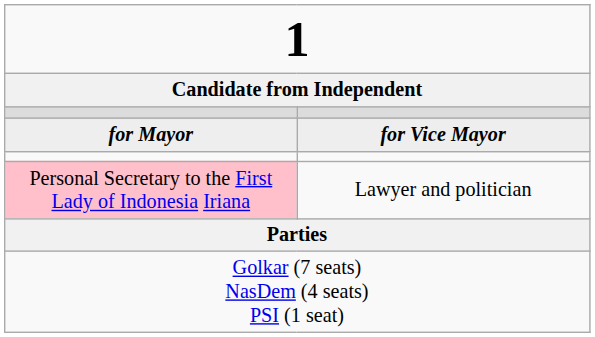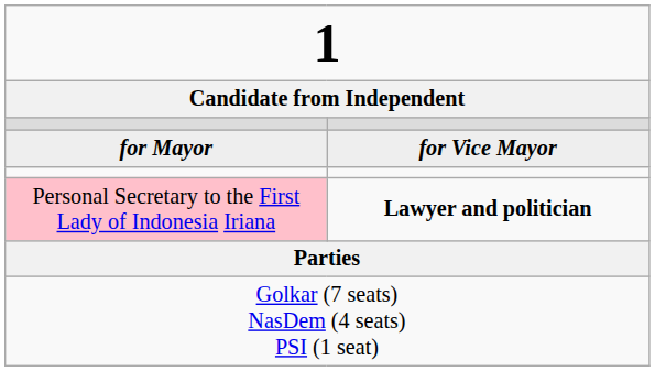 <table class="wikitable" style="font-size:90%; text-align:center;">
 <tr>
 <td colspan=2><big><big><big><big><big><strong>1</strong></big></big></big></big></big></td>
 </tr>
 <tr>
 <td colspan=2 style="background:#f1f1f1;"><strong>Candidate from Independent</strong></td>
 </tr>
 <tr>
 <th style="width:3em; font-size:135%; background:#DCDCDC; width:200px;"></th>
 <th style="width:3em; font-size:135%; background:#DCDCDC; width:200px;"></th>
 </tr>
 <tr style="color:#000; font-size:100%; background:#EEEEEE;">
 <td style="width:3em; width:200px;"><strong><em>for Mayor</em></strong></td>
 <td style="width:3em; width:200px;"><strong><em>for Vice Mayor</em></strong></td>
 </tr>
 <tr>
 <td></td>
 <td></td>
 </tr>
 <tr>
 <td style="background: pink;">Personal Secretary to the <a href='#'>First Lady of Indonesia</a> <a href='#'>Iriana</a></td>
-<td>Lawyer and politician</td>
+<td><strong>Lawyer and politician</strong></td>
 </tr>
 <tr>
 <td colspan=2 bgcolor="#f1f1f1"><strong>Parties</strong></td>
 </tr>
 <tr>
 <td colspan=2> <a href='#'>Golkar</a> (7 seats)<br><a href='#'>NasDem</a> (4 seats)<br><a href='#'>PSI</a> (1 seat)</td>
 </tr>
 </table>
